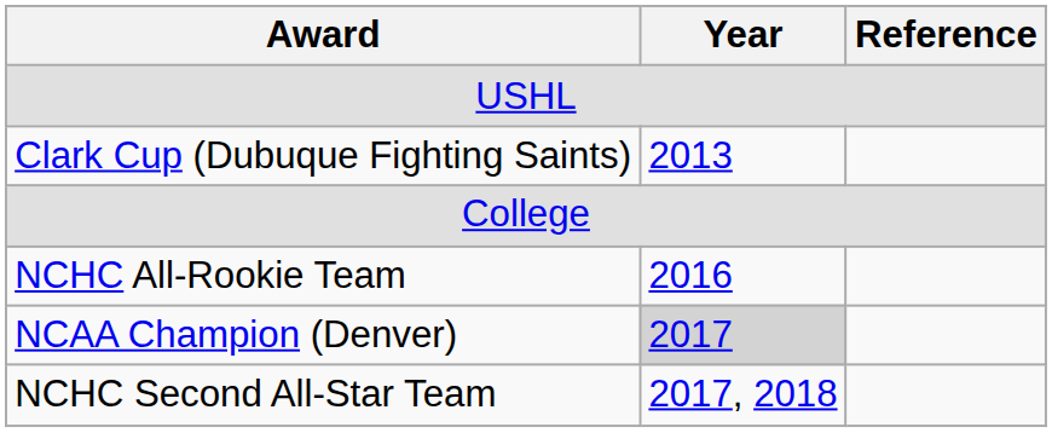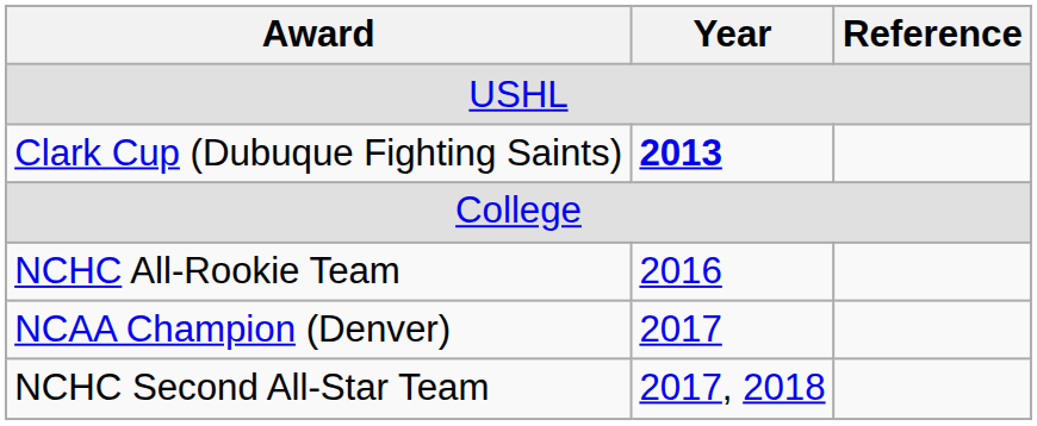 <table class="wikitable">
 <tr>
 <th>Award</th>
 <th>Year</th>
 <th>Reference</th>
 </tr>
 <tr ALIGN="center" bgcolor="#e0e0e0">
 <td colspan="3"><a href='#'>USHL</a></td>
 </tr>
 <tr>
 <td><a href='#'>Clark Cup</a> (Dubuque Fighting Saints)</td>
-<td><a href='#'>2013</a></td>
+<td><strong><a href='#'>2013</a></strong></td>
 <td></td>
 </tr>
 <tr ALIGN="center" bgcolor="#e0e0e0">
 <td colspan="3"><a href='#'>College</a></td>
 </tr>
 <tr>
 <td><a href='#'>NCHC</a> All-Rookie Team</td>
 <td><a href='#'>2016</a></td>
 <td></td>
 </tr>
 <tr>
 <td><a href='#'>NCAA Champion</a> (Denver)</td>
-<td style="background: lightgrey;"><a href='#'>2017</a></td>
+<td><a href='#'>2017</a></td>
 <td></td>
 </tr>
 <tr>
 <td>NCHC Second All-Star Team</td>
 <td><a href='#'>2017</a>, <a href='#'>2018</a></td>
 <td></td>
 </tr>
 </table>
